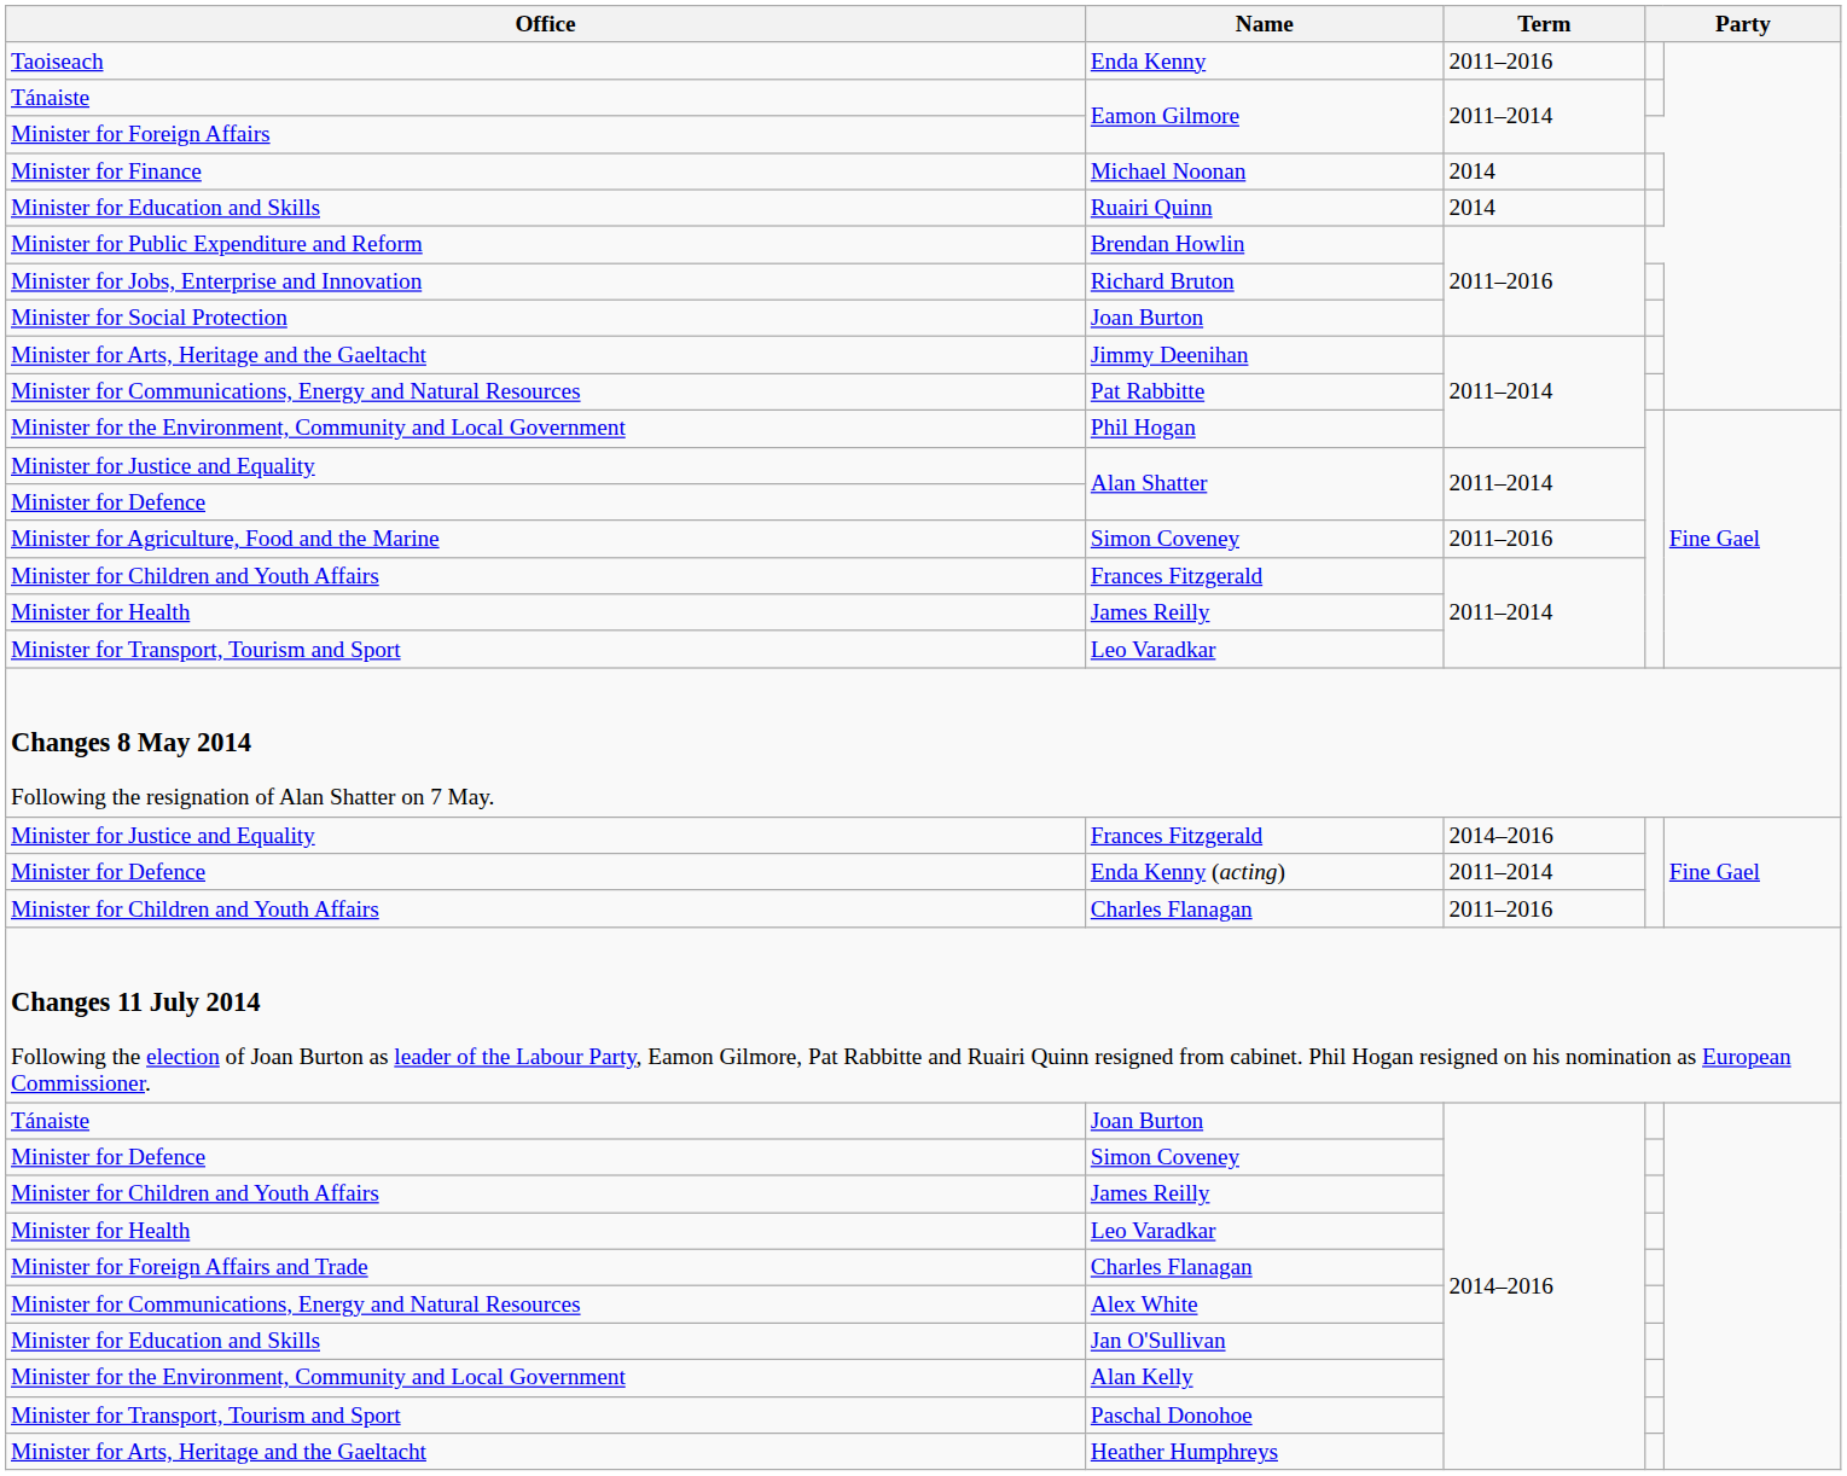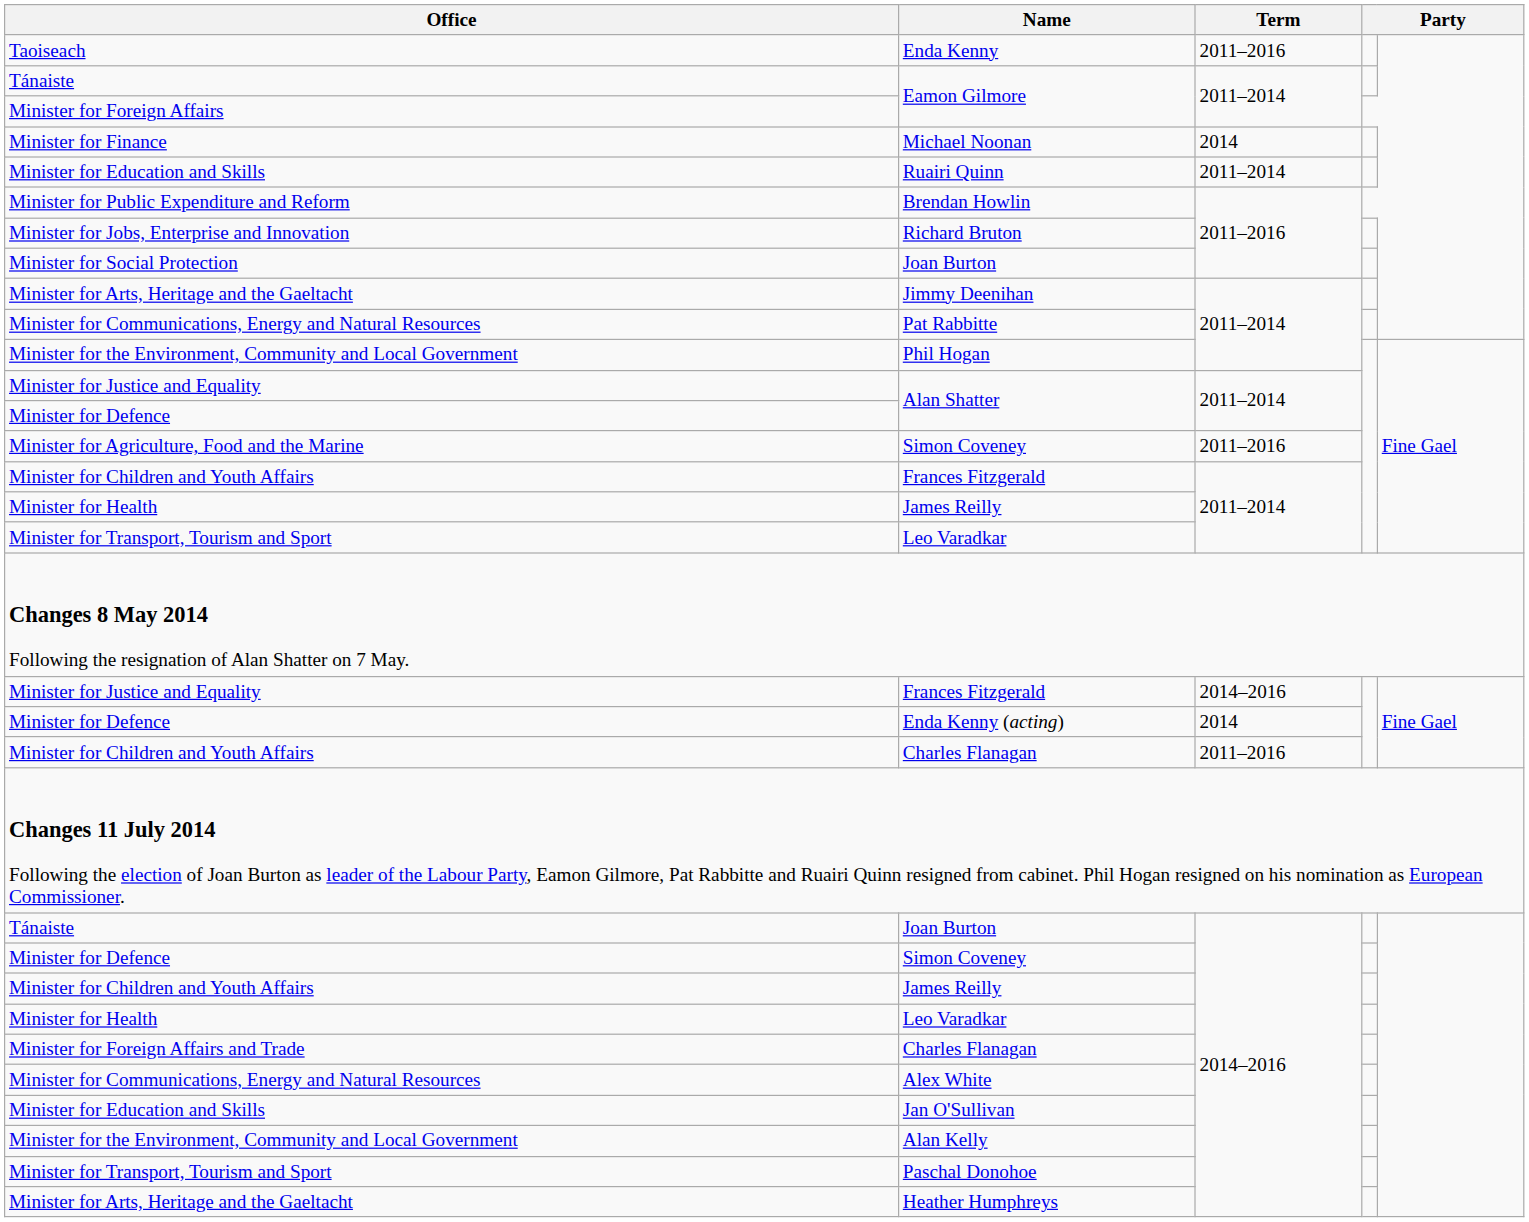 <table class="wikitable" width=80%>
 <tr>
 <th>Office</th>
 <th>Name</th>
 <th>Term</th>
 <th colspan="2">Party</th>
 </tr>
 <tr>
 <td><a href='#'>Taoiseach</a></td>
 <td><a href='#'>Enda Kenny</a></td>
 <td>2011–2016</td>
 <td></td>
 </tr>
 <tr>
 <td><a href='#'>Tánaiste</a></td>
 <td rowspan=2><a href='#'>Eamon Gilmore</a></td>
 <td rowspan=2>2011–2014</td>
 <td></td>
 </tr>
 <tr>
 <td><a href='#'>Minister for Foreign Affairs</a></td>
 </tr>
 <tr>
 <td><a href='#'>Minister for Finance</a></td>
 <td><a href='#'>Michael Noonan</a></td>
 <td>2014</td>
 <td></td>
 </tr>
 <tr>
 <td><a href='#'>Minister for Education and Skills</a></td>
 <td><a href='#'>Ruairi Quinn</a></td>
-<td>2014</td>
+<td>2011–2014</td>
 <td></td>
 </tr>
 <tr>
 <td><a href='#'>Minister for Public Expenditure and Reform</a></td>
 <td><a href='#'>Brendan Howlin</a></td>
 <td rowspan=3>2011–2016</td>
 </tr>
 <tr>
 <td><a href='#'>Minister for Jobs, Enterprise and Innovation</a></td>
 <td><a href='#'>Richard Bruton</a></td>
 <td></td>
 </tr>
 <tr>
 <td><a href='#'>Minister for Social Protection</a></td>
 <td><a href='#'>Joan Burton</a></td>
 <td></td>
 </tr>
 <tr>
 <td><a href='#'>Minister for Arts, Heritage and the Gaeltacht</a></td>
 <td><a href='#'>Jimmy Deenihan</a></td>
 <td rowspan=3>2011–2014</td>
 <td></td>
 </tr>
 <tr>
 <td><a href='#'>Minister for Communications, Energy and Natural Resources</a></td>
 <td><a href='#'>Pat Rabbitte</a></td>
 <td></td>
 </tr>
 <tr>
 <td><a href='#'>Minister for the Environment, Community and Local Government</a></td>
 <td><a href='#'>Phil Hogan</a></td>
 <td rowspan=7 style="background-color: "></td>
 <td rowspan=7><a href='#'>Fine Gael</a></td>
 </tr>
 <tr>
 <td><a href='#'>Minister for Justice and Equality</a></td>
 <td rowspan=2><a href='#'>Alan Shatter</a></td>
 <td rowspan=2>2011–2014</td>
 </tr>
 <tr>
 <td><a href='#'>Minister for Defence</a></td>
 </tr>
 <tr>
 <td><a href='#'>Minister for Agriculture, Food and the Marine</a></td>
 <td><a href='#'>Simon Coveney</a></td>
 <td>2011–2016</td>
 </tr>
 <tr>
 <td><a href='#'>Minister for Children and Youth Affairs</a></td>
 <td><a href='#'>Frances Fitzgerald</a></td>
 <td rowspan=3>2011–2014</td>
 </tr>
 <tr>
 <td><a href='#'>Minister for Health</a></td>
 <td><a href='#'>James Reilly</a></td>
 </tr>
 <tr>
 <td><a href='#'>Minister for Transport, Tourism and Sport</a></td>
 <td><a href='#'>Leo Varadkar</a></td>
 </tr>
 <tr>
 <td colspan=5><br><h3>Changes 8 May 2014</h3>Following the resignation of Alan Shatter on 7 May.</td>
 </tr>
 <tr>
 <td><a href='#'>Minister for Justice and Equality</a></td>
 <td><a href='#'>Frances Fitzgerald</a></td>
 <td>2014–2016</td>
 <td rowspan=3 style="background-color: "></td>
 <td rowspan=3><a href='#'>Fine Gael</a></td>
 </tr>
 <tr>
 <td><a href='#'>Minister for Defence</a></td>
 <td><a href='#'>Enda Kenny</a> (<em>acting</em>)</td>
-<td>2011–2014</td>
+<td>2014</td>
 </tr>
 <tr>
 <td><a href='#'>Minister for Children and Youth Affairs</a></td>
 <td><a href='#'>Charles Flanagan</a></td>
 <td>2011–2016</td>
 </tr>
 <tr>
 <td colspan=5><br><h3>Changes 11 July 2014</h3>Following the <a href='#'>election</a> of Joan Burton as <a href='#'>leader of the Labour Party</a>, Eamon Gilmore, Pat Rabbitte and Ruairi Quinn resigned from cabinet. Phil Hogan resigned on his nomination as <a href='#'>European Commissioner</a>.</td>
 </tr>
 <tr>
 <td><a href='#'>Tánaiste</a></td>
 <td><a href='#'>Joan Burton</a></td>
 <td rowspan=10>2014–2016</td>
 <td></td>
 </tr>
 <tr>
 <td><a href='#'>Minister for Defence</a></td>
 <td><a href='#'>Simon Coveney</a></td>
 <td></td>
 </tr>
 <tr>
 <td><a href='#'>Minister for Children and Youth Affairs</a></td>
 <td><a href='#'>James Reilly</a></td>
 <td></td>
 </tr>
 <tr>
 <td><a href='#'>Minister for Health</a></td>
 <td><a href='#'>Leo Varadkar</a></td>
 <td></td>
 </tr>
 <tr>
 <td><a href='#'>Minister for Foreign Affairs and Trade</a></td>
 <td><a href='#'>Charles Flanagan</a></td>
 <td></td>
 </tr>
 <tr>
 <td><a href='#'>Minister for Communications, Energy and Natural Resources</a></td>
 <td><a href='#'>Alex White</a></td>
 <td></td>
 </tr>
 <tr>
 <td><a href='#'>Minister for Education and Skills</a></td>
 <td><a href='#'>Jan O'Sullivan</a></td>
 <td></td>
 </tr>
 <tr>
 <td><a href='#'>Minister for the Environment, Community and Local Government</a></td>
 <td><a href='#'>Alan Kelly</a></td>
 <td></td>
 </tr>
 <tr>
 <td><a href='#'>Minister for Transport, Tourism and Sport</a></td>
 <td><a href='#'>Paschal Donohoe</a></td>
 <td></td>
 </tr>
 <tr>
 <td><a href='#'>Minister for Arts, Heritage and the Gaeltacht</a></td>
 <td><a href='#'>Heather Humphreys</a></td>
 <td></td>
 </tr>
 </table>
